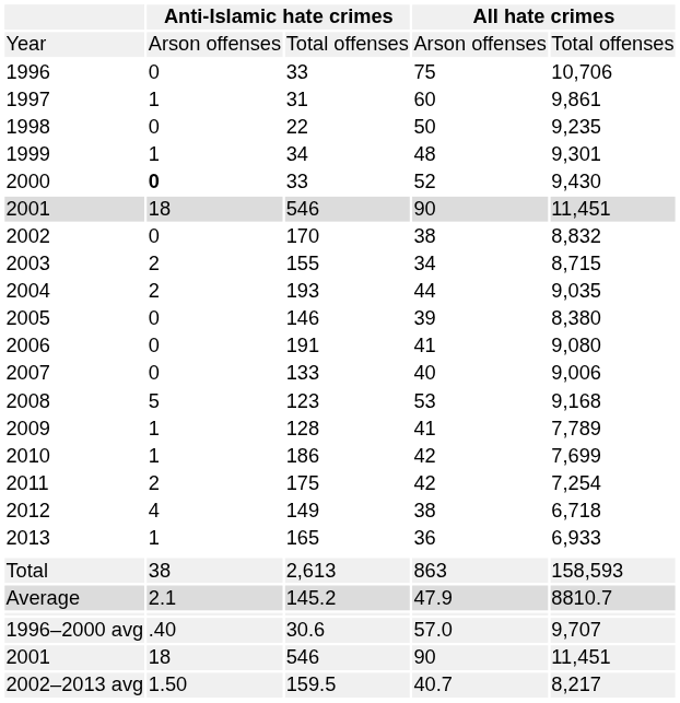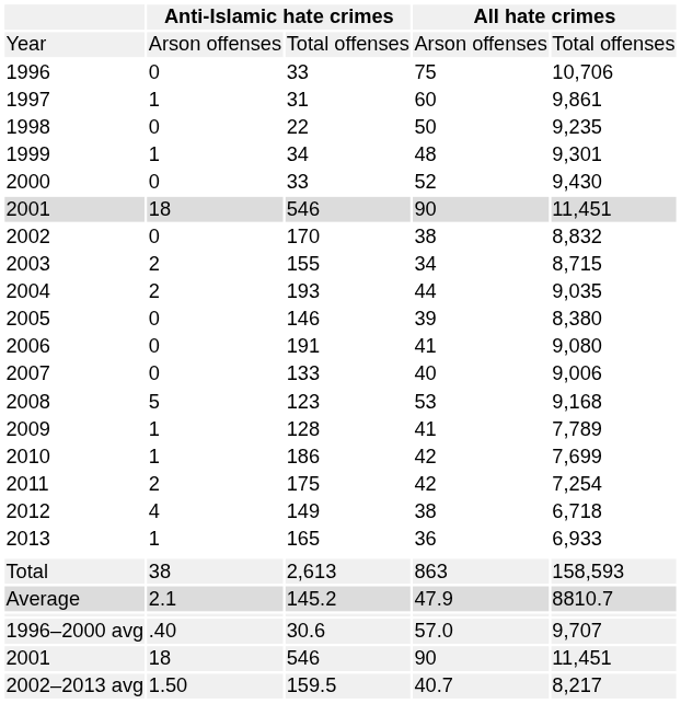 <table>
 <tr style="text-align:center; background:#f0f0f0;">
 <td style="text-align:center; background:#f0f0f0;"></td>
 <td colspan="2"><strong>Anti-Islamic hate crimes</strong></td>
 <td colspan="2"><strong>All hate crimes</strong></td>
 </tr>
 <tr style="background:#f0f0f0;">
 <td>Year</td>
 <td>Arson offenses</td>
 <td>Total offenses</td>
 <td>Arson offenses</td>
 <td>Total offenses</td>
 </tr>
 <tr>
 <td>1996</td>
 <td>0</td>
 <td>33</td>
 <td>75</td>
 <td>10,706</td>
 </tr>
 <tr>
 <td>1997</td>
 <td>1</td>
 <td>31</td>
 <td>60</td>
 <td>9,861</td>
 </tr>
 <tr>
 <td>1998</td>
 <td>0</td>
 <td>22</td>
 <td>50</td>
 <td>9,235</td>
 </tr>
 <tr>
 <td>1999</td>
 <td>1</td>
 <td>34</td>
 <td>48</td>
 <td>9,301</td>
 </tr>
 <tr>
 <td>2000</td>
-<td><strong>0</strong></td>
+<td>0</td>
 <td>33</td>
 <td>52</td>
 <td>9,430</td>
 </tr>
 <tr style="background:Gainsboro;">
 <td>2001</td>
 <td>18</td>
 <td>546</td>
 <td>90</td>
 <td>11,451</td>
 </tr>
 <tr>
 <td>2002</td>
 <td>0</td>
 <td>170</td>
 <td>38</td>
 <td>8,832</td>
 </tr>
 <tr>
 <td>2003</td>
 <td>2</td>
 <td>155</td>
 <td>34</td>
 <td>8,715</td>
 </tr>
 <tr>
 <td>2004</td>
 <td>2</td>
 <td>193</td>
 <td>44</td>
 <td>9,035</td>
 </tr>
 <tr>
 <td>2005</td>
 <td>0</td>
 <td>146</td>
 <td>39</td>
 <td>8,380</td>
 </tr>
 <tr>
 <td>2006</td>
 <td>0</td>
 <td>191</td>
 <td>41</td>
 <td>9,080</td>
 </tr>
 <tr>
 <td>2007</td>
 <td>0</td>
 <td>133</td>
 <td>40</td>
 <td>9,006</td>
 </tr>
 <tr>
 <td>2008</td>
 <td>5</td>
 <td>123</td>
 <td>53</td>
 <td>9,168</td>
 </tr>
 <tr>
 <td>2009</td>
 <td>1</td>
 <td>128</td>
 <td>41</td>
 <td>7,789</td>
 </tr>
 <tr>
 <td>2010</td>
 <td>1</td>
 <td>186</td>
 <td>42</td>
 <td>7,699</td>
 </tr>
 <tr>
 <td>2011</td>
 <td>2</td>
 <td>175</td>
 <td>42</td>
 <td>7,254</td>
 </tr>
 <tr>
 <td>2012</td>
 <td>4</td>
 <td>149</td>
 <td>38</td>
 <td>6,718</td>
 </tr>
 <tr>
 <td>2013</td>
 <td>1</td>
 <td>165</td>
 <td>36</td>
 <td>6,933</td>
 </tr>
 <tr>
 <td></td>
 <td></td>
 <td></td>
 <td></td>
 <td></td>
 </tr>
 <tr style="background:#f0f0f0;">
 <td>Total</td>
 <td>38</td>
 <td>2,613</td>
 <td>863</td>
 <td>158,593</td>
 </tr>
 <tr style="background:Gainsboro;">
 <td>Average</td>
 <td>2.1</td>
 <td>145.2</td>
 <td>47.9</td>
 <td>8810.7</td>
 </tr>
 <tr style="background:#f0f0f0;">
 <td></td>
 <td></td>
 <td></td>
 <td></td>
 <td></td>
 </tr>
 <tr style="background:#f0f0f0;">
 <td>1996–2000 avg</td>
 <td>.40</td>
 <td>30.6</td>
 <td>57.0</td>
 <td>9,707</td>
 </tr>
 <tr style="background:#f0f0f0;">
 <td>2001</td>
 <td>18</td>
 <td>546</td>
 <td>90</td>
 <td>11,451</td>
 </tr>
 <tr style="background:#f0f0f0;">
 <td>2002–2013 avg</td>
 <td>1.50</td>
 <td>159.5</td>
 <td>40.7</td>
 <td>8,217</td>
 </tr>
 </table>
